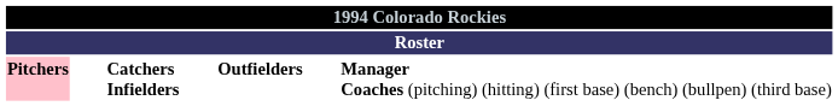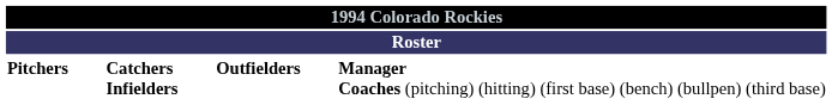 <table class="toccolours" style="font-size: 95%;">
 <tr>
 <th colspan="10" style="background:#000000; color:#C4CED4; text-align:center;">1994 Colorado Rockies</th>
 </tr>
 <tr>
 <td colspan="10" style="background:#333366; color:#FFFFFF; text-align:center;"><strong>Roster</strong></td>
 </tr>
 <tr>
-<td valign="top" style="background: pink;"><strong>Pitchers</strong><br>                 </td>
+<td valign="top"><strong>Pitchers</strong><br>                 </td>
 <td style="width:25px;"></td>
 <td valign="top"><strong>Catchers</strong><br>   <strong>Infielders</strong>        </td>
 <td style="width:25px;"></td>
 <td valign="top"><strong>Outfielders</strong><br>      </td>
 <td style="width:25px;"></td>
 <td valign="top"><strong>Manager</strong><br> <strong>Coaches</strong>  (pitching)  (hitting)  (first base)  (bench)  (bullpen)  (third base)</td>
 </tr>
 </table>
